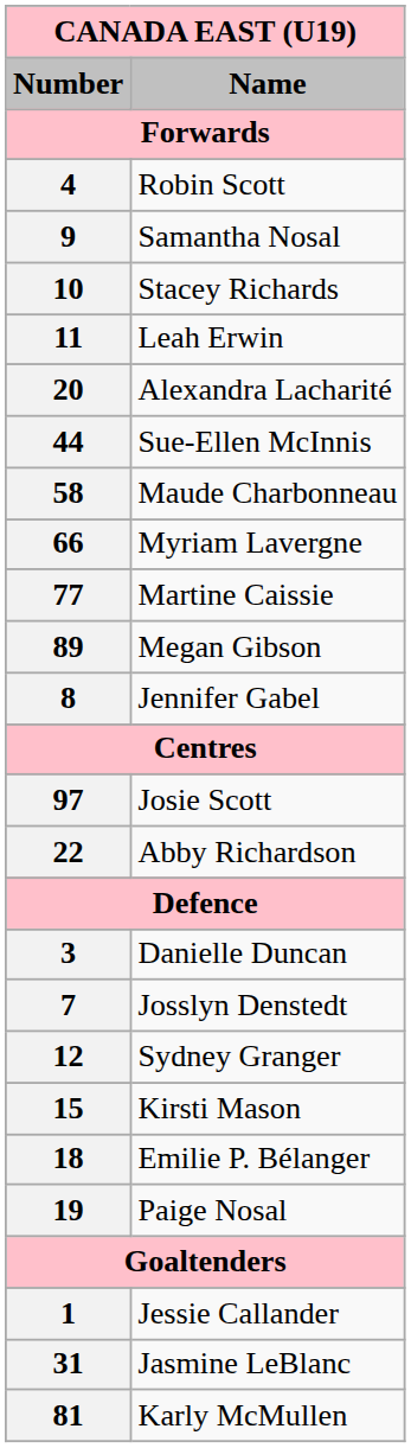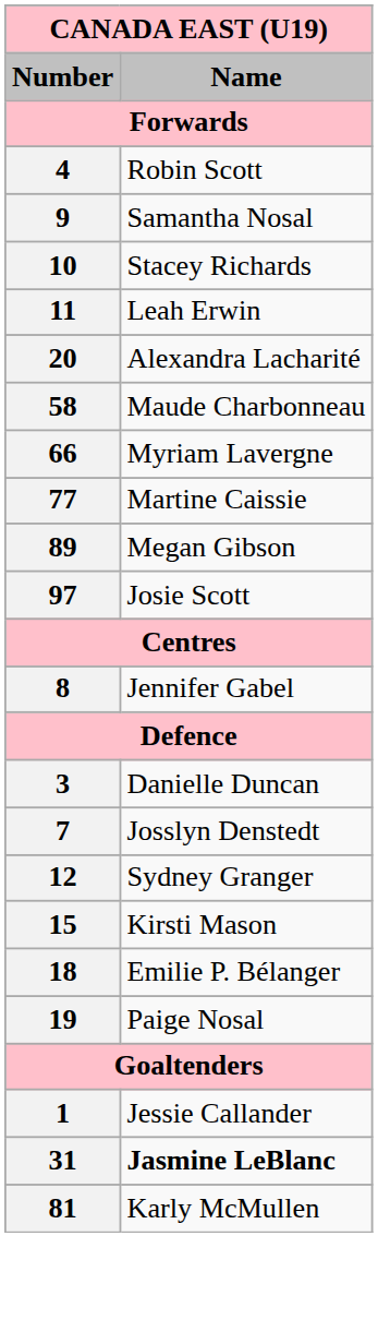 <table class="wikitable" style="text-align:left; font-size:90%;">
 <tr>
 <th style=background:pink colspan=2>CANADA EAST (U19)</th>
 </tr>
 <tr>
 <th width=10 style="background:silver;">Number</th>
 <th style="background:silver;">Name</th>
 </tr>
 <tr>
 <th style=background:pink colspan=2>Forwards</th>
 </tr>
 <tr>
 <th>4</th>
 <td>Robin Scott</td>
 </tr>
 <tr>
 <th>9</th>
 <td>Samantha Nosal</td>
 </tr>
 <tr>
 <th>10</th>
 <td>Stacey Richards</td>
 </tr>
 <tr>
 <th>11</th>
 <td>Leah Erwin</td>
 </tr>
 <tr>
 <th>20</th>
 <td>Alexandra Lacharité</td>
 </tr>
 <tr>
-<th>44</th>
-<td>Sue-Ellen McInnis</td>
-</tr>
-<tr>
 <th>58</th>
 <td>Maude Charbonneau</td>
 </tr>
 <tr>
 <th>66</th>
 <td>Myriam Lavergne</td>
 </tr>
 <tr>
 <th>77</th>
 <td>Martine Caissie</td>
 </tr>
 <tr>
 <th>89</th>
 <td>Megan Gibson</td>
 </tr>
 <tr>
-<th>8</th>
-<td>Jennifer Gabel</td>
+<th>97</th>
+<td>Josie Scott</td>
 </tr>
 <tr>
 <th style=background:pink colspan=2>Centres</th>
 </tr>
 <tr>
-<th>97</th>
-<td>Josie Scott</td>
-</tr>
-<tr>
-<th>22</th>
-<td>Abby Richardson</td>
+<th>8</th>
+<td>Jennifer Gabel</td>
 </tr>
 <tr>
 <th style=background:pink colspan=2>Defence</th>
 </tr>
 <tr>
 <th>3</th>
 <td>Danielle Duncan</td>
 </tr>
 <tr>
 <th>7</th>
 <td>Josslyn Denstedt</td>
 </tr>
 <tr>
 <th>12</th>
 <td>Sydney Granger</td>
 </tr>
 <tr>
 <th>15</th>
 <td>Kirsti Mason</td>
 </tr>
 <tr>
 <th>18</th>
 <td>Emilie P. Bélanger</td>
 </tr>
 <tr>
 <th>19</th>
 <td>Paige Nosal</td>
 </tr>
 <tr>
 <th style=background:pink colspan=2>Goaltenders</th>
 </tr>
 <tr>
 <th>1</th>
 <td>Jessie Callander</td>
 </tr>
 <tr>
 <th>31</th>
-<td>Jasmine LeBlanc</td>
+<td><strong>Jasmine LeBlanc</strong></td>
 </tr>
 <tr>
 <th>81</th>
 <td>Karly McMullen</td>
 </tr>
 </table>
